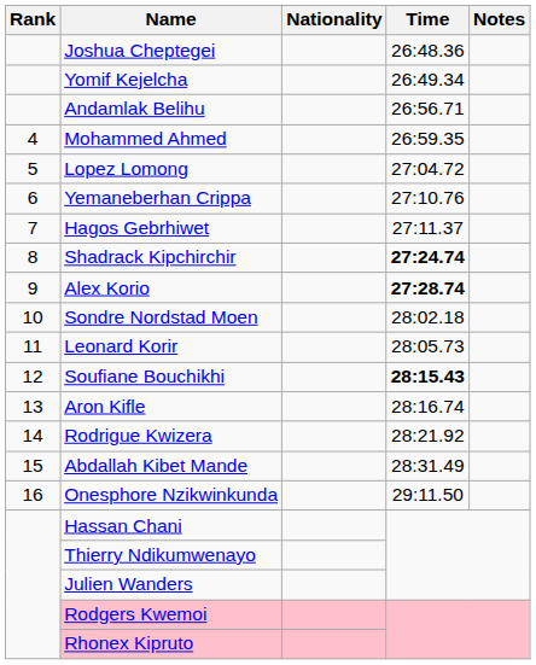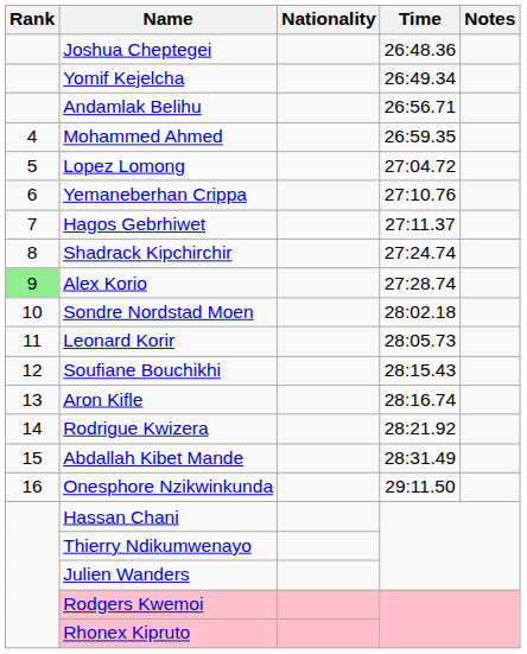 <table class="wikitable sortable" style="text-align:center">
 <tr>
 <th>Rank</th>
 <th>Name</th>
 <th>Nationality</th>
 <th>Time</th>
 <th>Notes</th>
 </tr>
 <tr>
 <td></td>
 <td align=left><a href='#'>Joshua Cheptegei</a></td>
 <td align=left></td>
 <td>26:48.36</td>
 <td></td>
 </tr>
 <tr>
 <td></td>
 <td align=left><a href='#'>Yomif Kejelcha</a></td>
 <td align=left></td>
 <td>26:49.34</td>
 <td></td>
 </tr>
 <tr>
 <td></td>
 <td align="left"><a href='#'>Andamlak Belihu</a></td>
 <td align="left"></td>
 <td>26:56.71</td>
 <td></td>
 </tr>
 <tr>
 <td>4</td>
 <td align="left"><a href='#'>Mohammed Ahmed</a></td>
 <td align="left"></td>
 <td>26:59.35</td>
 <td><strong></strong></td>
 </tr>
 <tr>
 <td>5</td>
 <td align="left"><a href='#'>Lopez Lomong</a></td>
 <td align="left"></td>
 <td>27:04.72</td>
 <td></td>
 </tr>
 <tr>
 <td>6</td>
 <td align="left"><a href='#'>Yemaneberhan Crippa</a></td>
 <td align="left"></td>
 <td>27:10.76</td>
 <td><strong></strong></td>
 </tr>
 <tr>
 <td>7</td>
 <td align="left"><a href='#'>Hagos Gebrhiwet</a></td>
 <td align="left"></td>
 <td>27:11.37</td>
 <td></td>
 </tr>
 <tr>
 <td>8</td>
 <td align="left"><a href='#'>Shadrack Kipchirchir</a></td>
 <td align="left"></td>
-<td><strong>27:24.74</strong></td>
+<td>27:24.74</td>
 <td></td>
 </tr>
 <tr>
-<td>9</td>
+<td style="background: lightgreen;">9</td>
 <td align="left"><a href='#'>Alex Korio</a></td>
 <td align="left"></td>
-<td><strong>27:28.74</strong></td>
+<td>27:28.74</td>
 <td></td>
 </tr>
 <tr>
 <td>10</td>
 <td align="left"><a href='#'>Sondre Nordstad Moen</a></td>
 <td align="left"></td>
 <td>28:02.18</td>
 <td></td>
 </tr>
 <tr>
 <td>11</td>
 <td align="left"><a href='#'>Leonard Korir</a></td>
 <td align="left"></td>
 <td>28:05.73</td>
 <td></td>
 </tr>
 <tr>
 <td>12</td>
 <td align="left"><a href='#'>Soufiane Bouchikhi</a></td>
 <td align="left"></td>
-<td><strong>28:15.43</strong></td>
+<td>28:15.43</td>
 <td></td>
 </tr>
 <tr>
 <td>13</td>
 <td align="left"><a href='#'>Aron Kifle</a></td>
 <td align="left"></td>
 <td>28:16.74</td>
 <td></td>
 </tr>
 <tr>
 <td>14</td>
 <td align="left"><a href='#'>Rodrigue Kwizera</a></td>
 <td align="left"></td>
 <td>28:21.92</td>
 <td></td>
 </tr>
 <tr>
 <td>15</td>
 <td align="left"><a href='#'>Abdallah Kibet Mande</a></td>
 <td align="left"></td>
 <td>28:31.49</td>
 <td></td>
 </tr>
 <tr>
 <td>16</td>
 <td align="left"><a href='#'>Onesphore Nzikwinkunda</a></td>
 <td align="left"></td>
 <td>29:11.50</td>
 <td></td>
 </tr>
 <tr>
 <td rowspan="5"></td>
 <td align=left><a href='#'>Hassan Chani</a></td>
 <td align=left></td>
 <td rowspan=3 colspan=2></td>
 </tr>
 <tr>
 <td align=left><a href='#'>Thierry Ndikumwenayo</a></td>
 <td align=left></td>
 </tr>
 <tr>
 <td align=left><a href='#'>Julien Wanders</a></td>
 <td align=left></td>
 </tr>
 <tr bgcolor="pink">
 <td align=left><a href='#'>Rodgers Kwemoi</a></td>
 <td align=left></td>
 <td rowspan=2 colspan=2></td>
 </tr>
 <tr bgcolor="pink">
 <td align=left><a href='#'>Rhonex Kipruto</a></td>
 <td align=left></td>
 </tr>
 </table>
